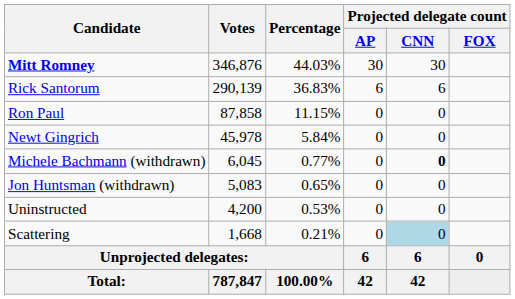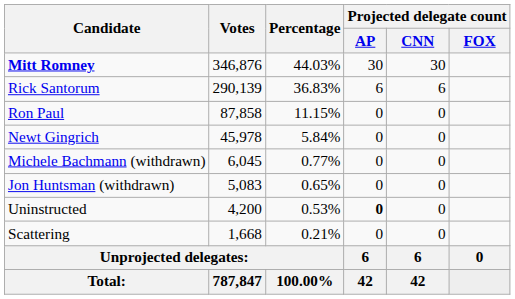 <table class="wikitable" style="text-align:right;">
 <tr>
 <th rowspan="2">Candidate</th>
 <th rowspan="2">Votes</th>
 <th rowspan="2">Percentage</th>
 <th colspan="3">Projected delegate count</th>
 </tr>
 <tr>
 <th><a href='#'>AP</a></th>
 <th><a href='#'>CNN</a><br></th>
 <th><a href='#'>FOX</a><br></th>
 </tr>
 <tr>
 <td style="text-align:left;"> <strong><a href='#'>Mitt Romney</a></strong></td>
 <td>346,876</td>
 <td>44.03%</td>
 <td>30</td>
 <td>30</td>
 <td></td>
 </tr>
 <tr>
 <td style="text-align:left;"><a href='#'>Rick Santorum</a></td>
 <td>290,139</td>
 <td>36.83%</td>
 <td>6</td>
 <td>6</td>
 <td></td>
 </tr>
 <tr>
 <td style="text-align:left;"><a href='#'>Ron Paul</a></td>
 <td>87,858</td>
 <td>11.15%</td>
 <td>0</td>
 <td>0</td>
 <td></td>
 </tr>
 <tr>
 <td style="text-align:left;"><a href='#'>Newt Gingrich</a></td>
 <td>45,978</td>
 <td>5.84%</td>
 <td>0</td>
 <td>0</td>
 <td></td>
 </tr>
 <tr>
 <td style="text-align:left;"><a href='#'>Michele Bachmann</a> (withdrawn)</td>
 <td>6,045</td>
 <td>0.77%</td>
 <td>0</td>
-<td><strong>0</strong></td>
+<td>0</td>
 <td></td>
 </tr>
 <tr>
 <td style="text-align:left;"><a href='#'>Jon Huntsman</a> (withdrawn)</td>
 <td>5,083</td>
 <td>0.65%</td>
 <td>0</td>
 <td>0</td>
 <td></td>
 </tr>
 <tr>
 <td style="text-align:left;">Uninstructed</td>
 <td>4,200</td>
 <td>0.53%</td>
-<td>0</td>
+<td><strong>0</strong></td>
 <td>0</td>
 <td></td>
 </tr>
 <tr>
 <td style="text-align:left;">Scattering</td>
 <td>1,668</td>
 <td>0.21%</td>
 <td>0</td>
-<td style="background: lightblue;">0</td>
+<td>0</td>
 <td></td>
 </tr>
 <tr style="background:#eee;">
 <th colspan="3">Unprojected delegates:</th>
 <th>6</th>
 <th>6</th>
 <th>0</th>
 </tr>
 <tr style="background:#eee;">
 <th>Total:</th>
 <th>787,847</th>
 <th>100.00%</th>
 <th>42</th>
 <th>42</th>
 <td></td>
 </tr>
 </table>
